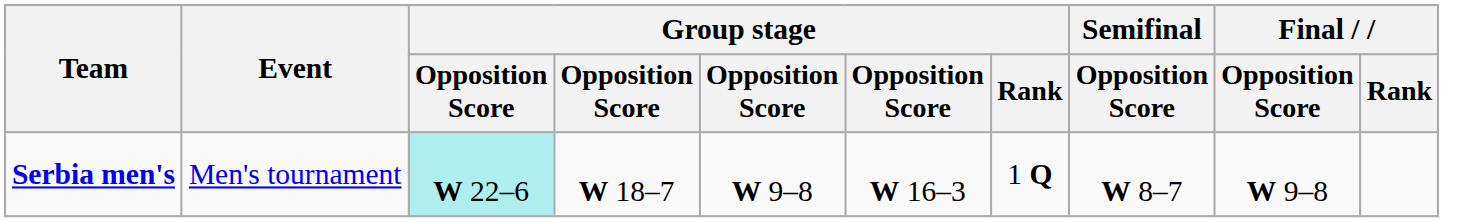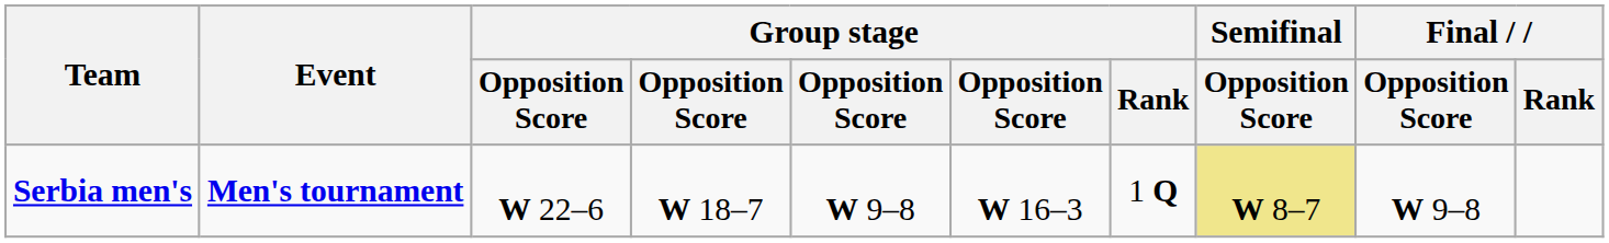 <table class="wikitable" style="text-align:center; font-size:90%">
 <tr>
 <th rowspan=2>Team</th>
 <th rowspan=2>Event</th>
 <th colspan=5>Group stage</th>
 <th>Semifinal</th>
 <th colspan=2>Final /  / </th>
 </tr>
 <tr style="font-size:95%">
 <th>Opposition<br>Score</th>
 <th>Opposition<br>Score</th>
 <th>Opposition<br>Score</th>
 <th>Opposition<br>Score</th>
 <th>Rank</th>
 <th>Opposition<br>Score</th>
 <th>Opposition<br>Score</th>
 <th>Rank</th>
 </tr>
 <tr>
 <td align=left><strong><a href='#'>Serbia men's</a></strong></td>
-<td align=left><a href='#'>Men's tournament</a></td>
-<td style="background: paleturquoise;"><br><strong>W</strong> 22–6</td>
+<td align=left><strong><a href='#'>Men's tournament</a></strong></td>
+<td><br><strong>W</strong> 22–6</td>
 <td><br><strong>W</strong> 18–7</td>
 <td><br><strong>W</strong> 9–8</td>
 <td><br><strong>W</strong> 16–3</td>
 <td>1 <strong>Q</strong></td>
-<td><br><strong>W</strong> 8–7</td>
+<td style="background: khaki;"><br><strong>W</strong> 8–7</td>
 <td><br><strong>W</strong> 9–8</td>
 <td></td>
 </tr>
 </table>
